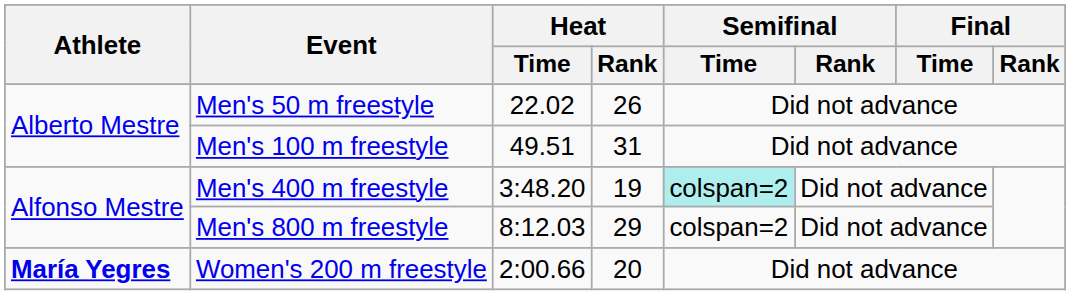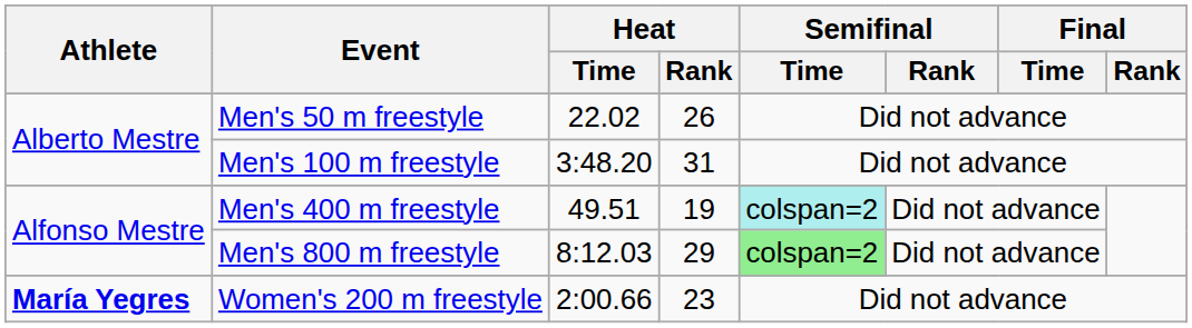 <table class=wikitable style="font-size:90%">
 <tr>
 <th rowspan="2">Athlete</th>
 <th rowspan="2">Event</th>
 <th colspan="2">Heat</th>
 <th colspan="2">Semifinal</th>
 <th colspan="2">Final</th>
 </tr>
 <tr style="font-size:95%">
 <th>Time</th>
 <th>Rank</th>
 <th>Time</th>
 <th>Rank</th>
 <th>Time</th>
 <th>Rank</th>
 </tr>
 <tr align=center>
 <td align=left rowspan=2><a href='#'>Alberto Mestre</a></td>
 <td align=left><a href='#'>Men's 50 m freestyle</a></td>
 <td>22.02</td>
 <td>26</td>
 <td colspan=4>Did not advance</td>
 </tr>
 <tr align=center>
 <td align=left><a href='#'>Men's 100 m freestyle</a></td>
-<td>49.51</td>
+<td>3:48.20</td>
 <td>31</td>
 <td colspan="4">Did not advance</td>
 </tr>
 <tr align=center>
 <td align=left rowspan=2><a href='#'>Alfonso Mestre</a></td>
 <td align=left><a href='#'>Men's 400 m freestyle</a></td>
-<td>3:48.20</td>
+<td>49.51</td>
 <td>19</td>
 <td style="background: paleturquoise;">colspan=2 </td>
 <td colspan="2">Did not advance</td>
 </tr>
 <tr align=center>
 <td align=left><a href='#'>Men's 800 m freestyle</a></td>
 <td>8:12.03</td>
 <td>29</td>
-<td>colspan=2 </td>
+<td style="background: lightgreen;">colspan=2 </td>
 <td colspan="2">Did not advance</td>
 </tr>
 <tr align=center>
 <td align=left><strong><a href='#'>María Yegres</a></strong></td>
 <td align=left><a href='#'>Women's 200 m freestyle</a></td>
 <td>2:00.66</td>
-<td>20</td>
+<td>23</td>
 <td colspan="4">Did not advance</td>
 </tr>
 </table>
